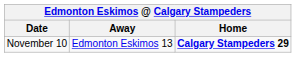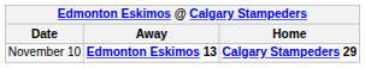 <table class="wikitable">
 <tr>
 <th colspan="3"><a href='#'>Edmonton Eskimos</a> @ <a href='#'>Calgary Stampeders</a></th>
 </tr>
 <tr>
 <th>Date</th>
 <th>Away</th>
 <th>Home</th>
 </tr>
 <tr>
 <td>November 10</td>
-<td><a href='#'>Edmonton Eskimos</a> 13</td>
+<td><strong><a href='#'>Edmonton Eskimos</a> 13</strong></td>
 <td><strong><a href='#'>Calgary Stampeders</a> 29</strong></td>
 </tr>
 </table>
